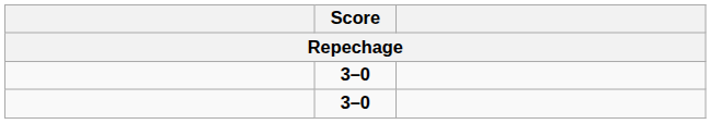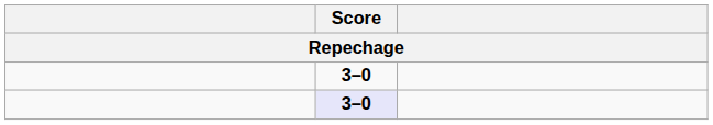 <table class="wikitable" style="text-align: left;">
 <tr>
 <th align="right" width="270"></th>
 <th width="65">Score</th>
 <th align="left" width="270"></th>
 </tr>
 <tr>
 <th colspan="3">Repechage</th>
 </tr>
 <tr>
 <td><strong></strong></td>
 <td align=center><strong>3–0</strong></td>
 <td></td>
 </tr>
 <tr>
 <td><strong></strong></td>
-<td align=center><strong>3–0</strong></td>
+<td align=center style="background: lavender;"><strong>3–0</strong></td>
 <td></td>
 </tr>
 </table>
